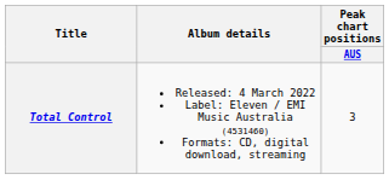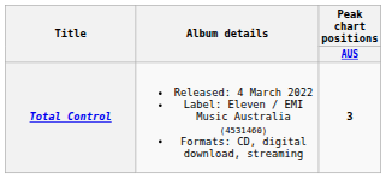 <table class="wikitable plainrowheaders" style="text-align:center;" border="1">
 <tr>
 <th scope="col" rowspan="2" style="width:12em;">Title</th>
 <th scope="col" rowspan="2" style="width:17em;">Album details</th>
 <th scope="col" colspan="1">Peak chart positions</th>
 </tr>
 <tr>
 <th scope="col" style="width:3em; font-size:90%;"><a href='#'>AUS</a><br></th>
 </tr>
 <tr>
 <th scope="row"><em><a href='#'>Total Control</a></em></th>
 <td><br><ul><li>Released: 4 March 2022</li><li>Label: Eleven / EMI Music Australia <small>(4531460)</small></li><li>Formats: CD, digital download, streaming</li></ul></td>
-<td>3<br></td>
+<td><strong>3<br></strong></td>
 </tr>
 </table>
